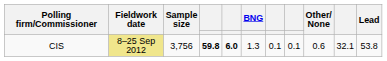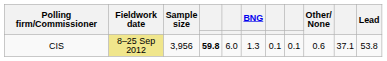 <table class="wikitable collapsible collapsed" style="text-align:center; font-size:90%; line-height:14px;">
 <tr style="height:42px;">
 <th style="width:250px;" rowspan="2">Polling firm/Commissioner</th>
 <th style="width:125px;" rowspan="2">Fieldwork date</th>
 <th style="width:50px;" rowspan="2">Sample size</th>
 <th style="width:35px;"></th>
 <th style="width:35px;"></th>
 <th style="width:35px;"><a href='#'>BNG</a></th>
 <th style="width:35px;"></th>
 <th style="width:35px;"></th>
 <th style="width:35px;" rowspan="2">Other/<br>None</th>
 <th style="width:35px;" rowspan="2"></th>
 <th style="width:30px;" rowspan="2">Lead</th>
 </tr>
 <tr>
 <th style="color:inherit;background:"></th>
 <th style="color:inherit;background:"></th>
 <th style="color:inherit;background:"></th>
 <th style="color:inherit;background:"></th>
 <th style="color:inherit;background:"></th>
 </tr>
 <tr>
 <td>CIS</td>
 <td style="background: khaki;">8–25 Sep 2012</td>
-<td>3,756</td>
+<td>3,956</td>
 <td><strong>59.8</strong></td>
-<td><strong>6.0</strong></td>
+<td>6.0</td>
 <td>1.3</td>
 <td>0.1</td>
 <td>0.1</td>
 <td>0.6</td>
-<td>32.1</td>
+<td>37.1</td>
 <td style="background:">53.8</td>
 </tr>
 </table>
